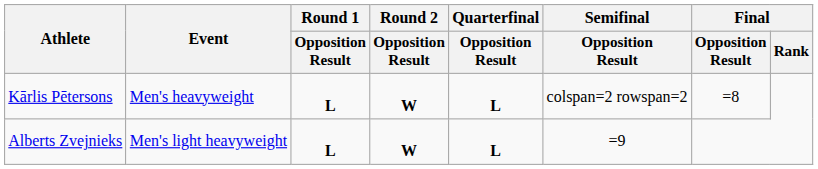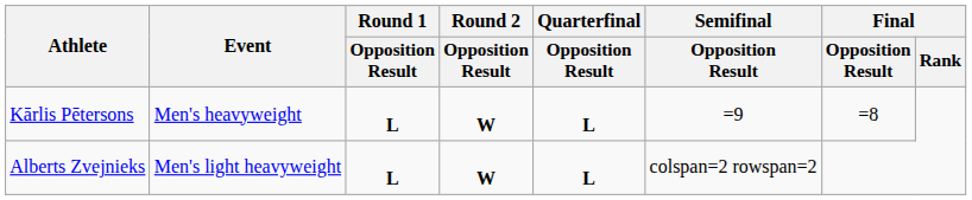 <table class="wikitable" style="font-size:90%;">
 <tr>
 <th rowspan=2>Athlete</th>
 <th rowspan=2>Event</th>
 <th>Round 1</th>
 <th>Round 2</th>
 <th>Quarterfinal</th>
 <th>Semifinal</th>
 <th colspan=2>Final</th>
 </tr>
 <tr style="font-size: 95%">
 <th>Opposition<br>Result</th>
 <th>Opposition<br>Result</th>
 <th>Opposition<br>Result</th>
 <th>Opposition<br>Result</th>
 <th>Opposition<br>Result</th>
 <th>Rank</th>
 </tr>
 <tr align=center>
 <td align=left><a href='#'>Kārlis Pētersons</a></td>
 <td align=left><a href='#'>Men's heavyweight</a></td>
 <td> <br> <strong>L</strong></td>
 <td> <br> <strong>W</strong></td>
 <td> <br> <strong>L</strong></td>
-<td>colspan=2 rowspan=2 </td>
+<td align=center>=9</td>
 <td align=center>=8</td>
 </tr>
 <tr align=center>
 <td align=left><a href='#'>Alberts Zvejnieks</a></td>
 <td align=left><a href='#'>Men's light heavyweight</a></td>
 <td> <br> <strong>L</strong></td>
 <td> <br> <strong>W</strong></td>
 <td> <br> <strong>L</strong></td>
-<td align=center>=9</td>
+<td>colspan=2 rowspan=2 </td>
 </tr>
 </table>
